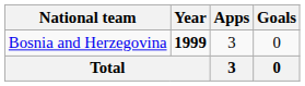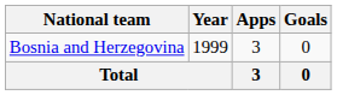 <table class="wikitable" style="text-align:center">
 <tr>
 <th>National team</th>
 <th>Year</th>
 <th>Apps</th>
 <th>Goals</th>
 </tr>
 <tr>
 <td><a href='#'>Bosnia and Herzegovina</a></td>
-<td><strong>1999</strong></td>
+<td>1999</td>
 <td>3</td>
 <td>0</td>
 </tr>
 <tr>
 <th colspan="2">Total</th>
 <th>3</th>
 <th>0</th>
 </tr>
 </table>
